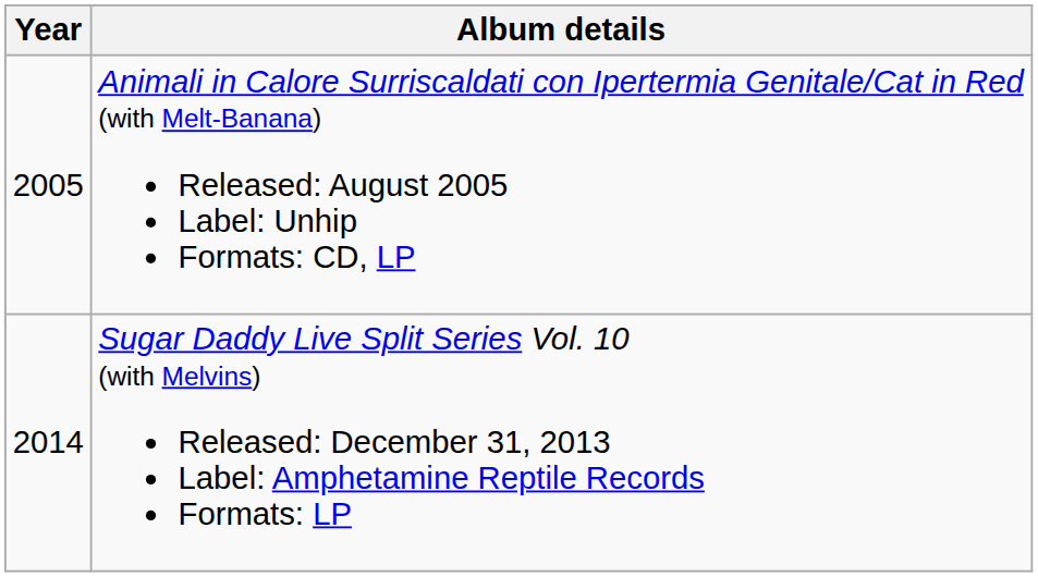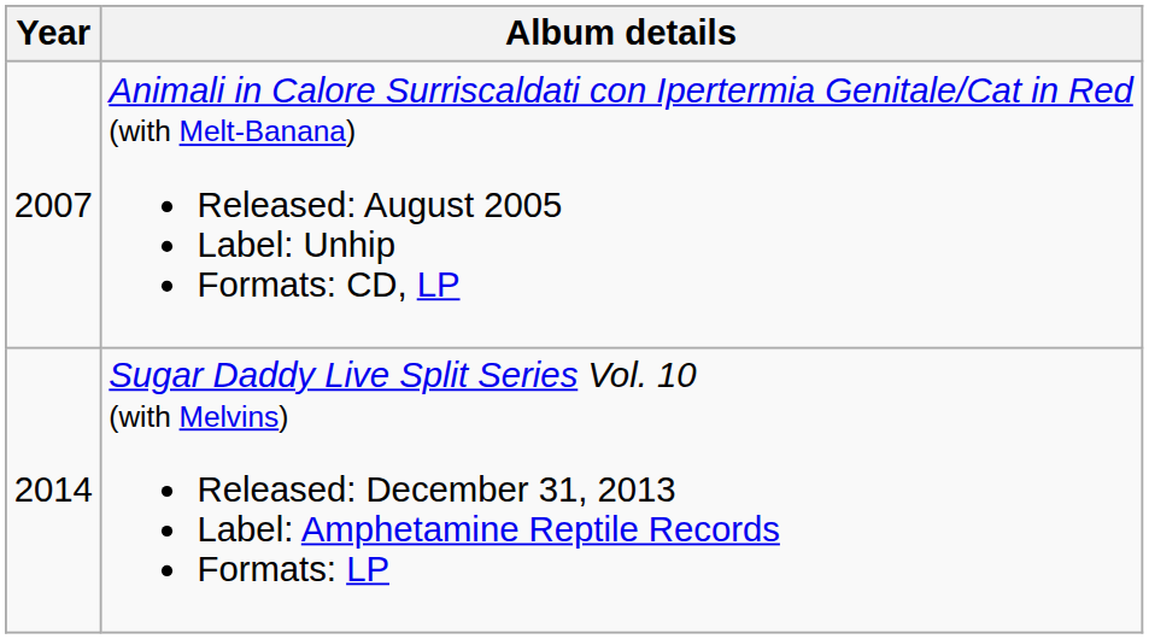 <table class="wikitable">
 <tr>
 <th>Year</th>
 <th>Album details</th>
 </tr>
 <tr>
-<td style="text-align:center;">2005</td>
+<td style="text-align:center;">2007</td>
 <td style="text-align:left;"><em><a href='#'>Animali in Calore Surriscaldati con Ipertermia Genitale/Cat in Red</a></em><br><small>(with <a href='#'>Melt-Banana</a>)</small><br><ul><li>Released: August 2005</li><li>Label: Unhip</li><li>Formats: CD, <a href='#'>LP</a></li></ul></td>
 </tr>
 <tr>
 <td style="text-align:center;">2014</td>
 <td style="text-align:left;"><em><a href='#'>Sugar Daddy Live Split Series</a> Vol. 10</em><br><small>(with <a href='#'>Melvins</a>)</small><br><ul><li>Released: December 31, 2013</li><li>Label: <a href='#'>Amphetamine Reptile Records</a></li><li>Formats: <a href='#'>LP</a></li></ul></td>
 </tr>
 </table>
